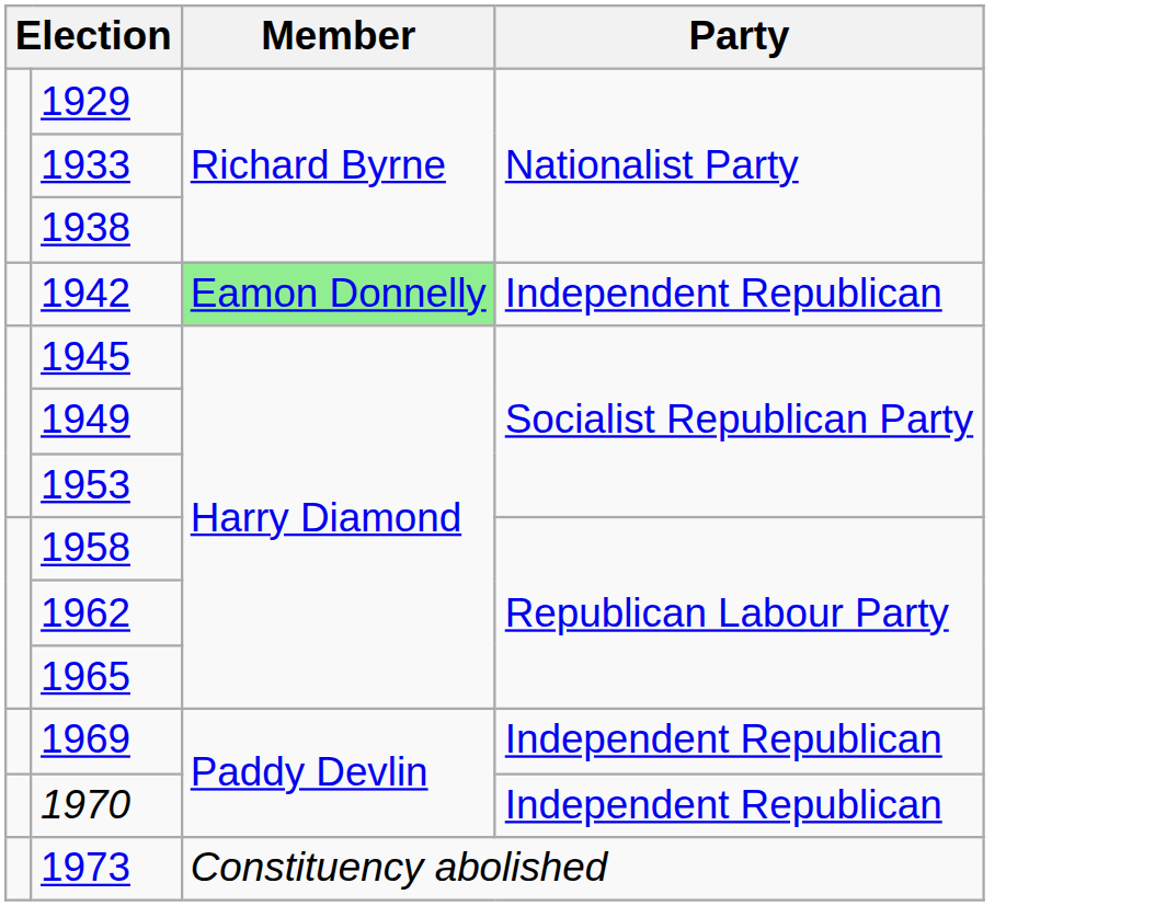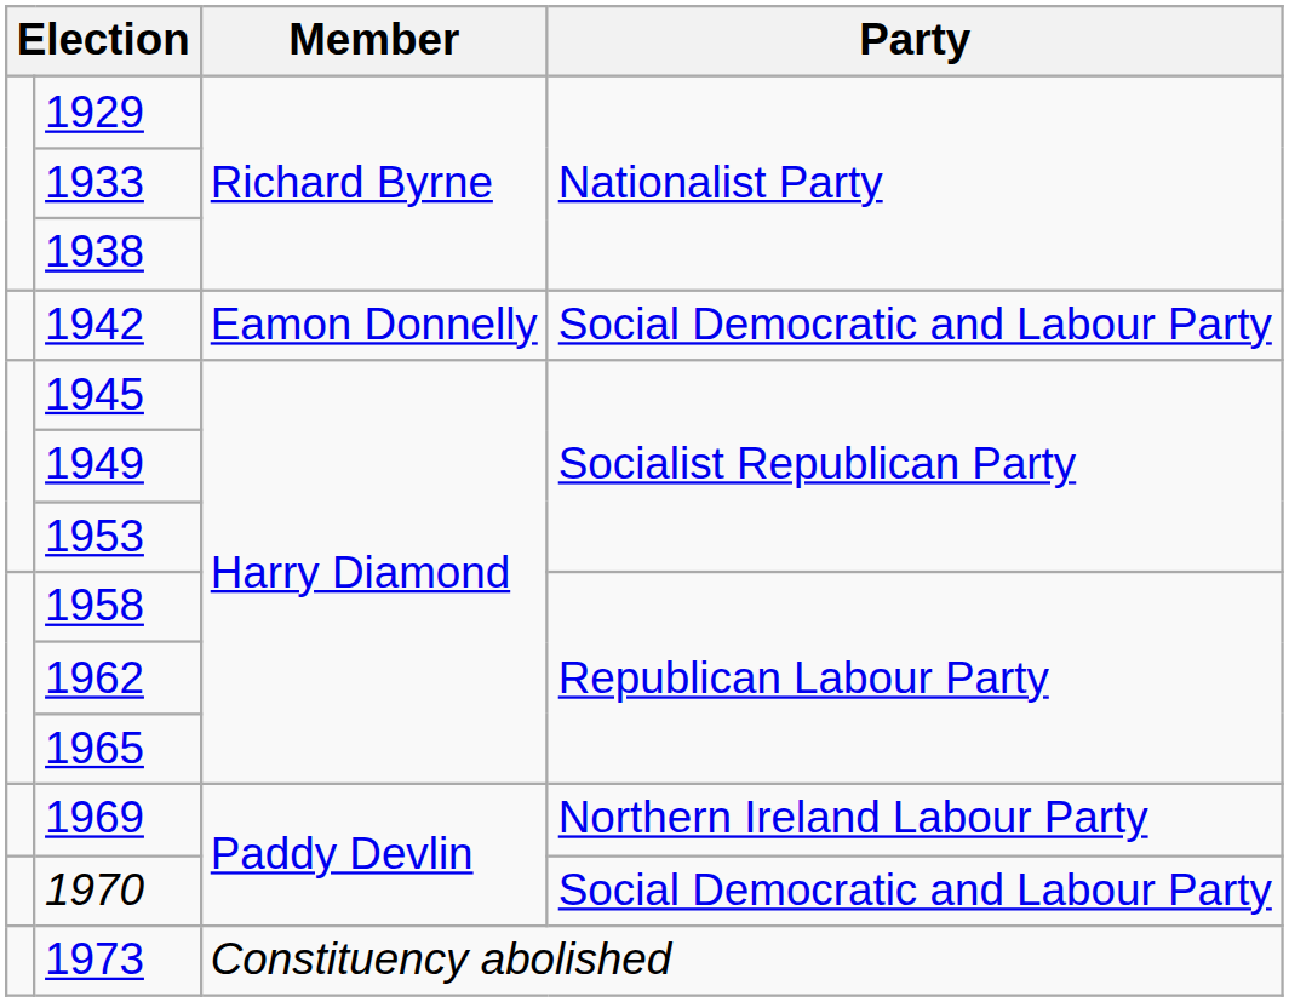 <table class="wikitable">
 <tr>
 <th colspan="2">Election</th>
 <th>Member</th>
 <th>Party</th>
 </tr>
 <tr>
 <td rowspan="3" style="background-color: "></td>
 <td><a href='#'>1929</a></td>
 <td rowspan="3"><a href='#'>Richard Byrne</a></td>
 <td rowspan="3"><a href='#'>Nationalist Party</a></td>
 </tr>
 <tr>
 <td><a href='#'>1933</a></td>
 </tr>
 <tr>
 <td><a href='#'>1938</a></td>
 </tr>
 <tr>
 <td rowspan="1" style="background-color: "></td>
 <td><a href='#'>1942</a></td>
-<td style="background: lightgreen;"><a href='#'>Eamon Donnelly</a></td>
-<td><a href='#'>Independent Republican</a></td>
+<td><a href='#'>Eamon Donnelly</a></td>
+<td><a href='#'>Social Democratic and Labour Party</a></td>
 </tr>
 <tr>
 <td rowspan="3" style="background-color: "></td>
 <td><a href='#'>1945</a></td>
 <td rowspan="6"><a href='#'>Harry Diamond</a></td>
 <td rowspan="3"><a href='#'>Socialist Republican Party</a></td>
 </tr>
 <tr>
 <td><a href='#'>1949</a></td>
 </tr>
 <tr>
 <td><a href='#'>1953</a></td>
 </tr>
 <tr>
 <td rowspan="3" style="background-color: "></td>
 <td><a href='#'>1958</a></td>
 <td rowspan="3"><a href='#'>Republican Labour Party</a></td>
 </tr>
 <tr>
 <td><a href='#'>1962</a></td>
 </tr>
 <tr>
 <td><a href='#'>1965</a></td>
 </tr>
 <tr>
 <td style="background-color: "></td>
 <td><a href='#'>1969</a></td>
 <td rowspan=2><a href='#'>Paddy Devlin</a></td>
-<td><a href='#'>Independent Republican</a></td>
+<td><a href='#'>Northern Ireland Labour Party</a></td>
 </tr>
 <tr>
 <td style="background-color: "></td>
 <td><em>1970</em></td>
-<td><a href='#'>Independent Republican</a></td>
+<td><a href='#'>Social Democratic and Labour Party</a></td>
 </tr>
 <tr>
 <td></td>
 <td><a href='#'>1973</a></td>
 <td colspan="3"><em>Constituency abolished</em></td>
 </tr>
 </table>
